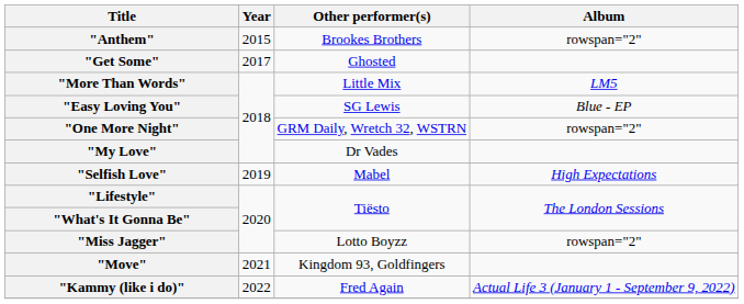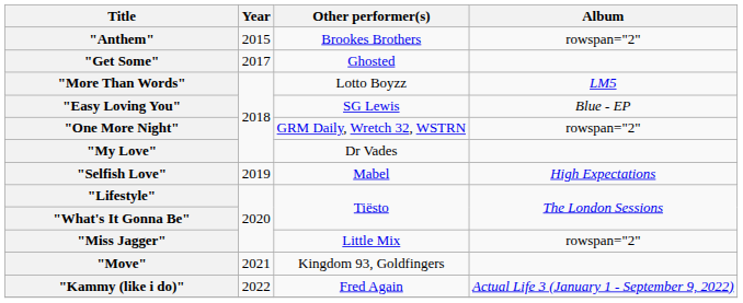 <table class="wikitable plainrowheaders" style="text-align:center;">
 <tr>
 <th scope="col" style="width:16em;">Title</th>
 <th scope="col">Year</th>
 <th scope="col">Other performer(s)</th>
 <th scope="col">Album</th>
 </tr>
 <tr>
 <th scope="row">"Anthem"</th>
 <td>2015</td>
 <td><a href='#'>Brookes Brothers</a></td>
 <td>rowspan="2" </td>
 </tr>
 <tr>
 <th scope="row">"Get Some"</th>
 <td>2017</td>
 <td><a href='#'>Ghosted</a></td>
 </tr>
 <tr>
 <th scope="row">"More Than Words"</th>
 <td rowspan="4">2018</td>
-<td><a href='#'>Little Mix</a></td>
+<td>Lotto Boyzz</td>
 <td><em><a href='#'>LM5</a></em></td>
 </tr>
 <tr>
 <th scope="row">"Easy Loving You"</th>
 <td><a href='#'>SG Lewis</a></td>
 <td><em>Blue - EP</em></td>
 </tr>
 <tr>
 <th scope="row">"One More Night"</th>
 <td><a href='#'>GRM Daily</a>, <a href='#'>Wretch 32</a>, <a href='#'>WSTRN</a></td>
 <td>rowspan="2" </td>
 </tr>
 <tr>
 <th scope="row">"My Love"</th>
 <td>Dr Vades</td>
 </tr>
 <tr>
 <th scope="row">"Selfish Love"</th>
 <td>2019</td>
 <td><a href='#'>Mabel</a></td>
 <td><em><a href='#'>High Expectations</a></em></td>
 </tr>
 <tr>
 <th scope="row">"Lifestyle"</th>
 <td rowspan="3">2020</td>
 <td rowspan="2"><a href='#'>Tiësto</a></td>
 <td rowspan="2"><em><a href='#'>The London Sessions</a></em></td>
 </tr>
 <tr>
 <th scope="row">"What's It Gonna Be"</th>
 </tr>
 <tr>
 <th scope="row">"Miss Jagger"</th>
-<td>Lotto Boyzz</td>
+<td><a href='#'>Little Mix</a></td>
 <td>rowspan="2" </td>
 </tr>
 <tr>
 <th scope="row">"Move"</th>
 <td>2021</td>
 <td>Kingdom 93, Goldfingers</td>
 </tr>
 <tr>
 <th scope="row">"Kammy (like i do)"</th>
 <td>2022</td>
 <td><a href='#'>Fred Again</a></td>
 <td><em><a href='#'>Actual Life 3 (January 1 - September 9, 2022)</a></em></td>
 </tr>
 <tr>
 </tr>
 </table>
